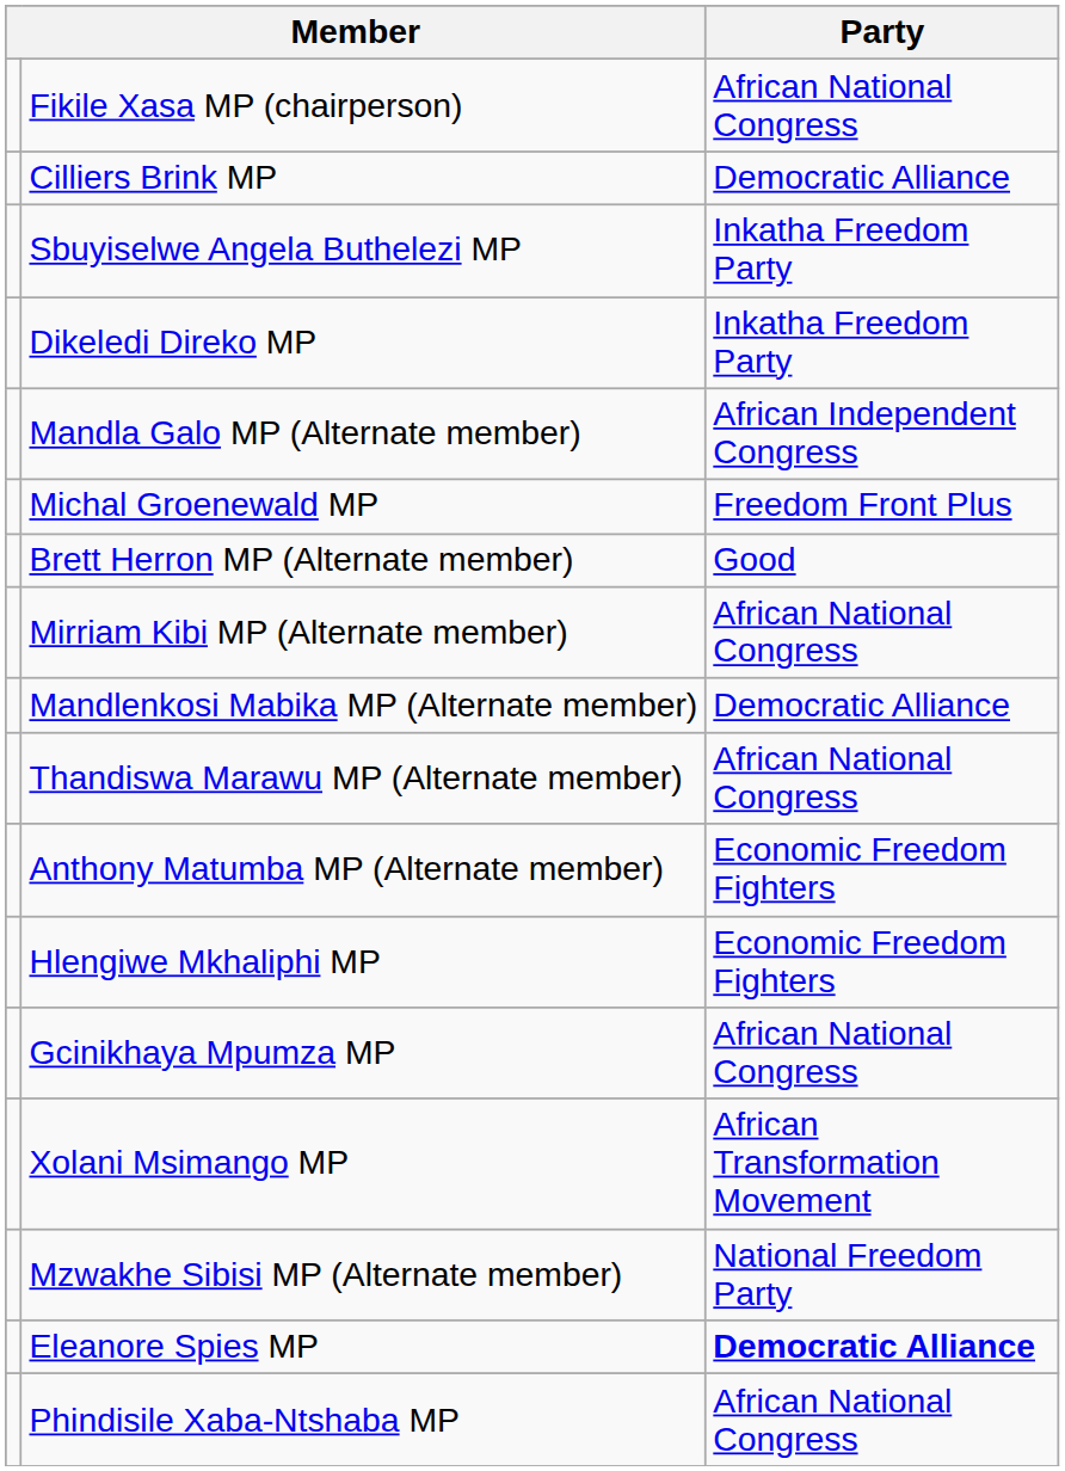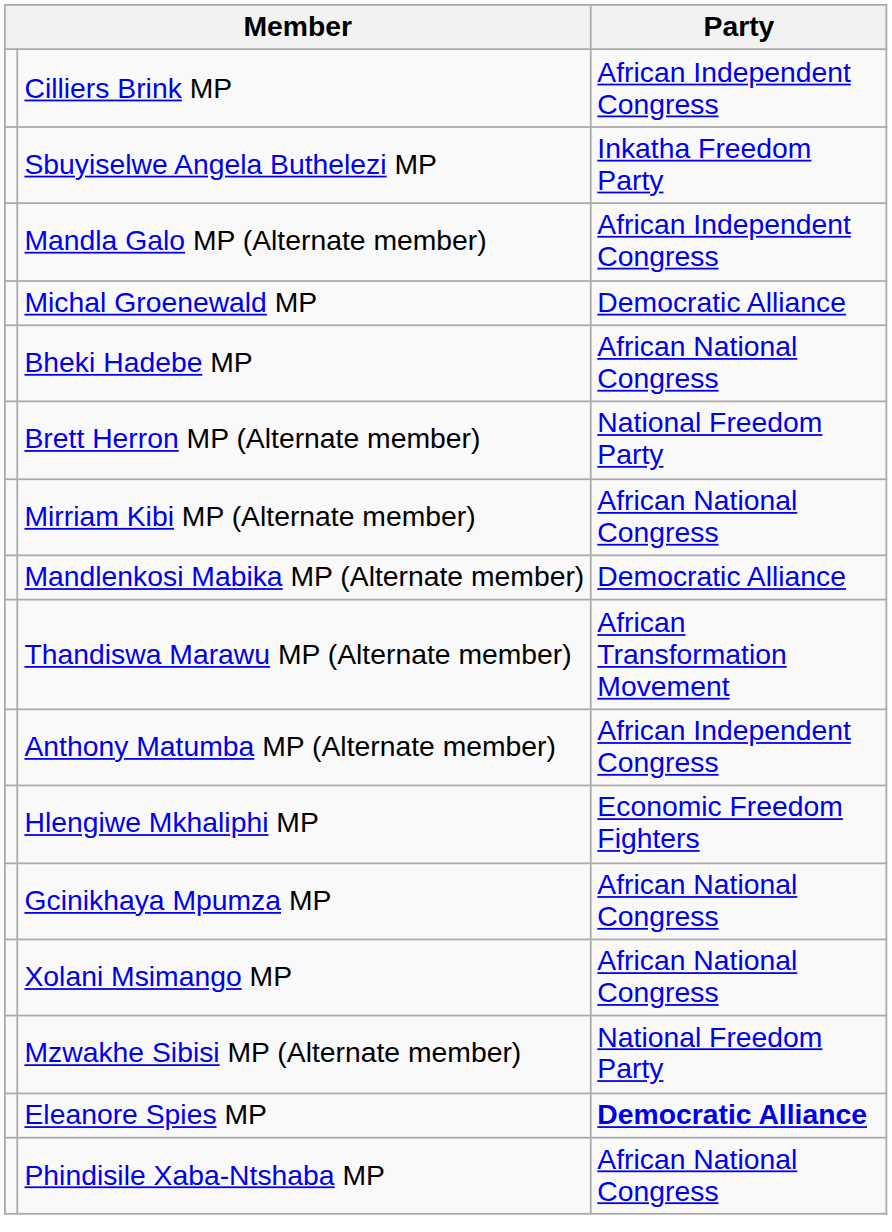 <table class="wikitable">
 <tr>
 <th width="160px" colspan="2" valign="top">Member</th>
 <th width="160px" valign="top">Party</th>
 </tr>
 <tr>
 <td></td>
-<td><a href='#'>Fikile Xasa</a> MP (chairperson)</td>
-<td><a href='#'>African National Congress</a></td>
-</tr>
-<tr>
-<td></td>
 <td><a href='#'>Cilliers Brink</a> MP</td>
-<td><a href='#'>Democratic Alliance</a></td>
+<td><a href='#'>African Independent Congress</a></td>
 </tr>
 <tr>
 <td></td>
 <td><a href='#'>Sbuyiselwe Angela Buthelezi</a> MP</td>
-<td><a href='#'>Inkatha Freedom Party</a></td>
-</tr>
-<tr>
-<td></td>
-<td><a href='#'>Dikeledi Direko</a> MP</td>
 <td><a href='#'>Inkatha Freedom Party</a></td>
 </tr>
 <tr>
 <td></td>
 <td><a href='#'>Mandla Galo</a> MP (Alternate member)</td>
 <td><a href='#'>African Independent Congress</a></td>
 </tr>
 <tr>
 <td></td>
 <td><a href='#'>Michal Groenewald</a> MP</td>
-<td><a href='#'>Freedom Front Plus</a></td>
+<td><a href='#'>Democratic Alliance</a></td>
+</tr>
+<tr>
+<td></td>
+<td><a href='#'>Bheki Hadebe</a> MP</td>
+<td><a href='#'>African National Congress</a></td>
 </tr>
 <tr>
 <td></td>
 <td><a href='#'>Brett Herron</a> MP (Alternate member)</td>
-<td><a href='#'>Good</a></td>
+<td><a href='#'>National Freedom Party</a></td>
 </tr>
 <tr>
 <td></td>
 <td><a href='#'>Mirriam Kibi</a> MP (Alternate member)</td>
 <td><a href='#'>African National Congress</a></td>
 </tr>
 <tr>
 <td></td>
 <td><a href='#'>Mandlenkosi Mabika</a> MP (Alternate member)</td>
 <td><a href='#'>Democratic Alliance</a></td>
 </tr>
 <tr>
 <td></td>
 <td><a href='#'>Thandiswa Marawu</a> MP (Alternate member)</td>
-<td><a href='#'>African National Congress</a></td>
+<td><a href='#'>African Transformation Movement</a></td>
 </tr>
 <tr>
 <td></td>
 <td><a href='#'>Anthony Matumba</a> MP (Alternate member)</td>
-<td><a href='#'>Economic Freedom Fighters</a></td>
+<td><a href='#'>African Independent Congress</a></td>
 </tr>
 <tr>
 <td></td>
 <td><a href='#'>Hlengiwe Mkhaliphi</a> MP</td>
 <td><a href='#'>Economic Freedom Fighters</a></td>
 </tr>
 <tr>
 <td></td>
 <td><a href='#'>Gcinikhaya Mpumza</a> MP</td>
 <td><a href='#'>African National Congress</a></td>
 </tr>
 <tr>
 <td></td>
 <td><a href='#'>Xolani Msimango</a> MP</td>
-<td><a href='#'>African Transformation Movement</a></td>
+<td><a href='#'>African National Congress</a></td>
 </tr>
 <tr>
 <td></td>
 <td><a href='#'>Mzwakhe Sibisi</a> MP (Alternate member)</td>
 <td><a href='#'>National Freedom Party</a></td>
 </tr>
 <tr>
 <td></td>
 <td><a href='#'>Eleanore Spies</a> MP</td>
 <td><strong><a href='#'>Democratic Alliance</a></strong></td>
 </tr>
 <tr>
 <td></td>
 <td><a href='#'>Phindisile Xaba-Ntshaba</a> MP</td>
 <td><a href='#'>African National Congress</a></td>
 </tr>
 </table>
